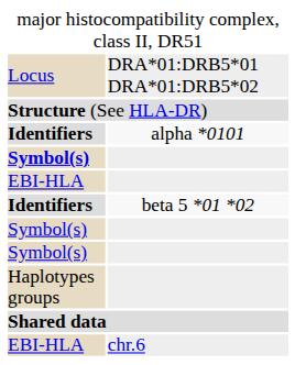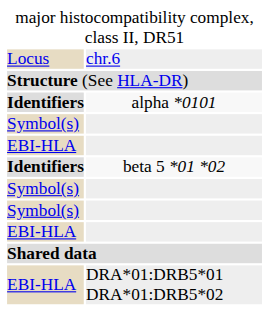 <table id="drugInfoBox" style="float: right; clear: right; margin: 0 0 0.5em 1em; background: #ffffff;" class="toccolours" border=0 cellpadding=0 align=right width="240px">
 <tr>
 <td align="center" colspan="2"></td>
 </tr>
 <tr>
 <td align="center" colspan="2"><div>major histocompatibility complex, class II, DR51</div></td>
 </tr>
 <tr>
 <td bgcolor="#e7dcc3"><a href='#'>Locus</a></td>
-<td bgcolor="#eeeeee">DRA*01:DRB5*01 DRA*01:DRB5*02</td>
+<td bgcolor="#eeeeee"><a href='#'>chr.6</a> <em></em></td>
 </tr>
 <tr>
 <td colspan="2" bgcolor="#dddddd"><strong>Structure</strong> (See <a href='#'>HLA-DR</a>)</td>
 </tr>
 <tr style="background:#f8f8f8">
 <td bgcolor="#dddddd"><strong>Identifiers</strong></td>
 <td align="center"><div>alpha <em>*0101</em></div></td>
 </tr>
 <tr>
-<td bgcolor="#e7dcc3"><strong><a href='#'>Symbol(s)</a></strong></td>
+<td bgcolor="#e7dcc3"><a href='#'>Symbol(s)</a></td>
 <td bgcolor="#eeeeee"></td>
 </tr>
 <tr>
 <td bgcolor="#e7dcc3"><a href='#'>EBI-HLA</a></td>
 <td bgcolor="#eeeeee"></td>
 </tr>
 <tr style="background:#f8f8f8">
 <td bgcolor="#dddddd"><strong>Identifiers</strong></td>
 <td align="center"><div>beta 5 <em>*01</em> <em>*02</em> </div></td>
 </tr>
 <tr>
 <td bgcolor="#e7dcc3"><a href='#'>Symbol(s)</a></td>
 <td bgcolor="#eeeeee"></td>
 </tr>
 <tr>
 <td bgcolor="#e7dcc3"><a href='#'>Symbol(s)</a></td>
 <td bgcolor="#eeeeee"></td>
 </tr>
 <tr>
-<td bgcolor="#e7dcc3">Haplotypes groups</td>
+<td bgcolor="#e7dcc3"><a href='#'>EBI-HLA</a></td>
 <td bgcolor="#eeeeee"> </td>
 </tr>
 <tr>
 <td colspan="2" bgcolor="#dddddd"><strong>Shared data</strong></td>
 </tr>
 <tr>
 <td bgcolor="#e7dcc3"><a href='#'>EBI-HLA</a></td>
-<td bgcolor="#eeeeee"><a href='#'>chr.6</a> <em></em></td>
+<td bgcolor="#eeeeee">DRA*01:DRB5*01 DRA*01:DRB5*02</td>
 </tr>
 <tr>
 </tr>
 </table>
